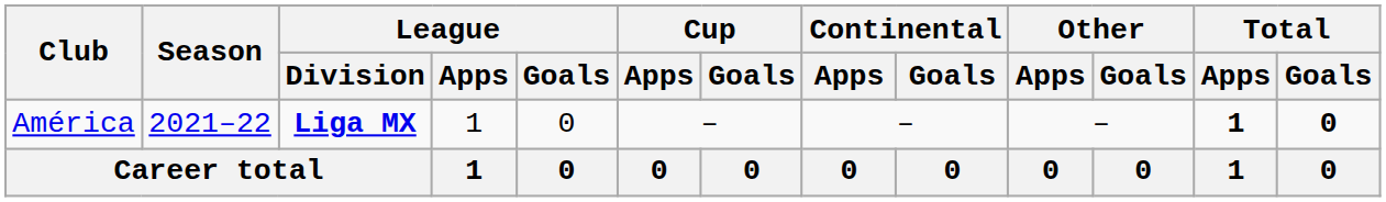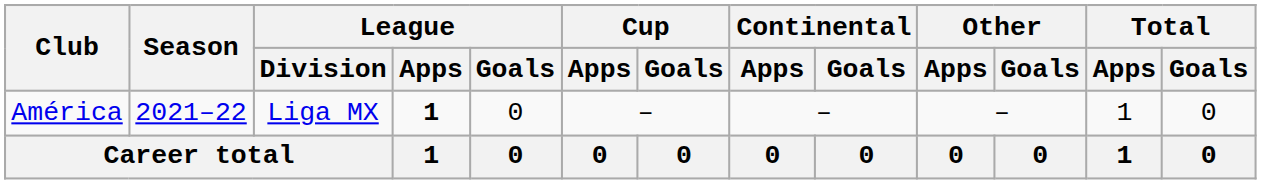 <table class="wikitable" style="text-align: center">
 <tr>
 <th rowspan="2">Club</th>
 <th rowspan="2">Season</th>
 <th colspan="3">League</th>
 <th colspan="2">Cup</th>
 <th colspan="2">Continental</th>
 <th colspan="2">Other</th>
 <th colspan="2">Total</th>
 </tr>
 <tr>
 <th>Division</th>
 <th>Apps</th>
 <th>Goals</th>
 <th>Apps</th>
 <th>Goals</th>
 <th>Apps</th>
 <th>Goals</th>
 <th>Apps</th>
 <th>Goals</th>
 <th>Apps</th>
 <th>Goals</th>
 </tr>
 <tr>
 <td><a href='#'>América</a></td>
 <td><a href='#'>2021–22</a></td>
-<td><strong><a href='#'>Liga MX</a></strong></td>
-<td>1</td>
+<td><a href='#'>Liga MX</a></td>
+<td><strong>1</strong></td>
 <td>0</td>
 <td colspan="2">–</td>
 <td colspan="2">–</td>
 <td colspan="2">–</td>
-<td><strong>1</strong></td>
-<td><strong>0</strong></td>
+<td>1</td>
+<td>0</td>
 </tr>
 <tr>
 <th colspan=3>Career total</th>
 <th>1</th>
 <th>0</th>
 <th>0</th>
 <th>0</th>
 <th>0</th>
 <th>0</th>
 <th>0</th>
 <th>0</th>
 <th>1</th>
 <th>0</th>
 </tr>
 </table>
